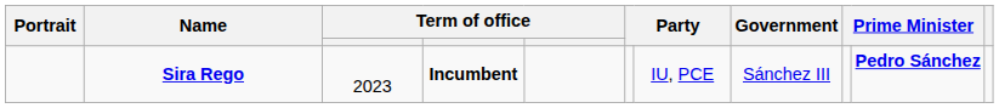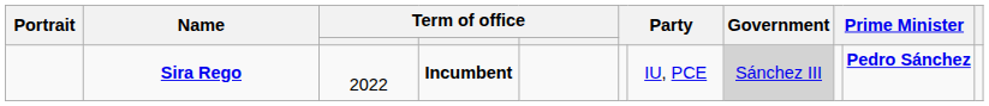 <table class="wikitable" style="line-height:1.4em; text-align:center; border:1px #aaf solid;">
 <tr>
 <th rowspan="2" width="65">Portrait</th>
 <th rowspan="2" width="210">Name<br></th>
 <th colspan="3">Term of office</th>
 <th rowspan="2" colspan="2" width="90">Party</th>
 <th rowspan="2">Government</th>
 <th rowspan="2" colspan="2"><a href='#'>Prime Minister</a><br></th>
 <th rowspan="2"></th>
 </tr>
 <tr>
 <th width="85"></th>
 <th width="85"></th>
 <th width="85"></th>
 </tr>
 <tr>
 <td></td>
 <td><strong><a href='#'>Sira Rego</a></strong><br></td>
-<td class="nowrap"><br>2023</td>
+<td class="nowrap"><br>2022</td>
 <td class="nowrap"><strong>Incumbent</strong></td>
 <td style="font-size:95%;"></td>
 <td width="1" style="color:inherit;background:"></td>
 <td><a href='#'>IU</a>, <a href='#'>PCE</a></td>
-<td><a href='#'>Sánchez III</a></td>
+<td style="background: lightgrey;"><a href='#'>Sánchez III</a></td>
 <td width="1" style="color:inherit;background:"></td>
 <td><strong><a href='#'>Pedro Sánchez</a></strong><br><br></td>
 <td align="center"></td>
 </tr>
 </table>
